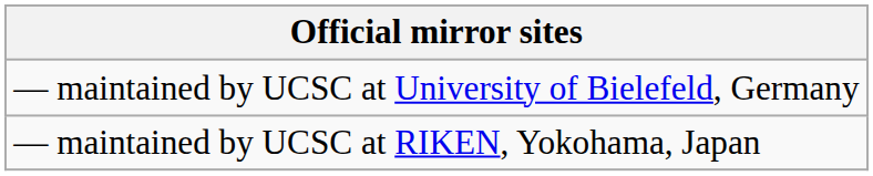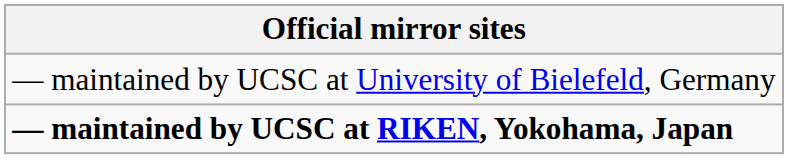 <table class="wikitable">
 <tr>
 <th>Official mirror sites</th>
 </tr>
 <tr>
 <td> — maintained by UCSC at <a href='#'>University of Bielefeld</a>, Germany</td>
 </tr>
 <tr>
-<td> — maintained by UCSC at <a href='#'>RIKEN</a>, Yokohama, Japan</td>
+<td><strong> — maintained by UCSC at <a href='#'>RIKEN</a>, Yokohama, Japan</strong></td>
 </tr>
 </table>
